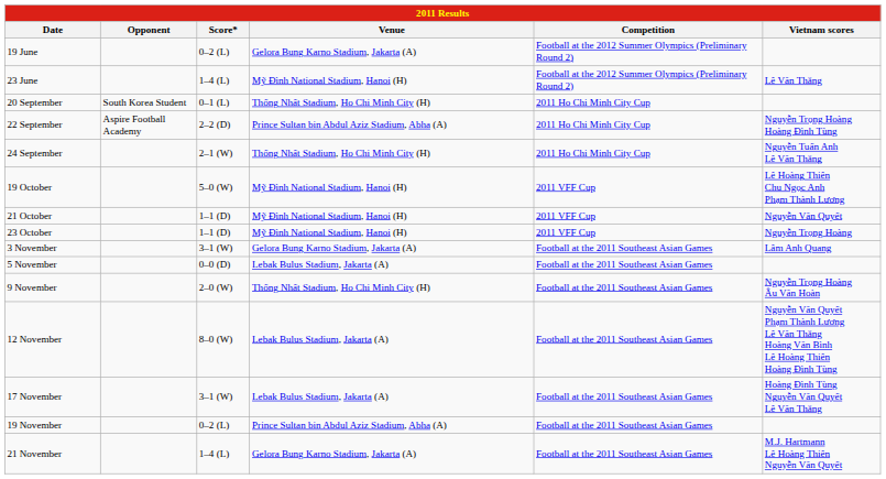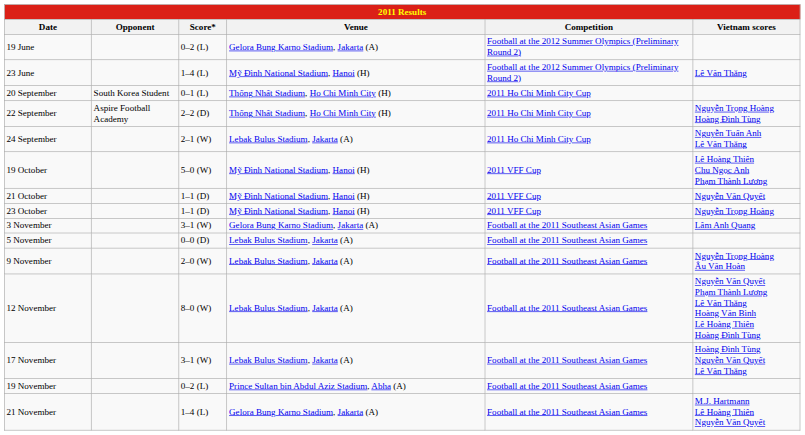 <table class="wikitable" width=100% style="text-align:left;font-size:90%;">
 <tr>
 <th colspan=9 style="background: #DB2017; color: #FFFF00;">2011 Results</th>
 </tr>
 <tr>
 <th width=80>Date</th>
 <th width=80>Opponent</th>
 <th width=20>Score*</th>
 <th width=250>Venue</th>
 <th width=200>Competition</th>
 <th width=100>Vietnam scores</th>
 </tr>
 <tr>
 <td>19 June</td>
 <td></td>
 <td>0–2 (L)</td>
 <td><a href='#'>Gelora Bung Karno Stadium</a>, <a href='#'>Jakarta</a> (A)</td>
 <td><a href='#'>Football at the 2012 Summer Olympics (Preliminary Round 2)</a></td>
 <td></td>
 </tr>
 <tr>
 <td>23 June</td>
 <td></td>
 <td>1–4 (L)</td>
 <td><a href='#'>Mỹ Đình National Stadium</a>, <a href='#'>Hanoi</a> (H)</td>
 <td><a href='#'>Football at the 2012 Summer Olympics (Preliminary Round 2)</a></td>
 <td><a href='#'>Lê Văn Thắng</a> </td>
 </tr>
 <tr>
 <td>20 September</td>
 <td> South Korea Student</td>
 <td>0–1 (L)</td>
 <td><a href='#'>Thống Nhất Stadium</a>, <a href='#'>Ho Chi Minh City</a> (H)</td>
 <td><a href='#'>2011 Ho Chi Minh City Cup</a></td>
 <td></td>
 </tr>
 <tr>
 <td>22 September</td>
 <td> Aspire Football Academy</td>
 <td>2–2 (D)</td>
-<td><a href='#'>Prince Sultan bin Abdul Aziz Stadium</a>, <a href='#'>Abha</a> (A)</td>
+<td><a href='#'>Thống Nhất Stadium</a>, <a href='#'>Ho Chi Minh City</a> (H)</td>
 <td><a href='#'>2011 Ho Chi Minh City Cup</a></td>
 <td><a href='#'>Nguyễn Trọng Hoàng</a> <br><a href='#'>Hoàng Đình Tùng</a> </td>
 </tr>
 <tr>
 <td>24 September</td>
 <td></td>
 <td>2–1 (W)</td>
-<td><a href='#'>Thống Nhất Stadium</a>, <a href='#'>Ho Chi Minh City</a> (H)</td>
+<td><a href='#'>Lebak Bulus Stadium</a>, <a href='#'>Jakarta</a> (A)</td>
 <td><a href='#'>2011 Ho Chi Minh City Cup</a></td>
 <td><a href='#'>Nguyễn Tuấn Anh</a> <br><a href='#'>Lê Văn Thắng</a> </td>
 </tr>
 <tr>
 <td>19 October</td>
 <td></td>
 <td>5–0 (W)</td>
 <td><a href='#'>Mỹ Đình National Stadium</a>, <a href='#'>Hanoi</a> (H)</td>
 <td><a href='#'>2011 VFF Cup</a></td>
 <td><a href='#'>Lê Hoàng Thiên</a> <br><a href='#'>Chu Ngọc Anh</a> <br><a href='#'>Phạm Thành Lương</a> </td>
 </tr>
 <tr>
 <td>21 October</td>
 <td></td>
 <td>1–1 (D)</td>
 <td><a href='#'>Mỹ Đình National Stadium</a>, <a href='#'>Hanoi</a> (H)</td>
 <td><a href='#'>2011 VFF Cup</a></td>
 <td><a href='#'>Nguyễn Văn Quyết</a> </td>
 </tr>
 <tr>
 <td>23 October</td>
 <td></td>
 <td>1–1 (D)</td>
 <td><a href='#'>Mỹ Đình National Stadium</a>, <a href='#'>Hanoi</a> (H)</td>
 <td><a href='#'>2011 VFF Cup</a></td>
 <td><a href='#'>Nguyễn Trọng Hoàng</a> </td>
 </tr>
 <tr>
 <td>3 November</td>
 <td></td>
 <td>3–1 (W)</td>
 <td><a href='#'>Gelora Bung Karno Stadium</a>, <a href='#'>Jakarta</a> (A)</td>
 <td><a href='#'>Football at the 2011 Southeast Asian Games</a></td>
 <td><a href='#'>Lâm Anh Quang</a> </td>
 </tr>
 <tr>
 <td>5 November</td>
 <td></td>
 <td>0–0 (D)</td>
 <td><a href='#'>Lebak Bulus Stadium</a>, <a href='#'>Jakarta</a> (A)</td>
 <td><a href='#'>Football at the 2011 Southeast Asian Games</a></td>
 <td></td>
 </tr>
 <tr>
 <td>9 November</td>
 <td></td>
 <td>2–0 (W)</td>
-<td><a href='#'>Thống Nhất Stadium</a>, <a href='#'>Ho Chi Minh City</a> (H)</td>
+<td><a href='#'>Lebak Bulus Stadium</a>, <a href='#'>Jakarta</a> (A)</td>
 <td><a href='#'>Football at the 2011 Southeast Asian Games</a></td>
 <td><a href='#'>Nguyễn Trọng Hoàng</a> <br><a href='#'>Âu Văn Hoàn</a> </td>
 </tr>
 <tr>
 <td>12 November</td>
 <td></td>
 <td>8–0 (W)</td>
 <td><a href='#'>Lebak Bulus Stadium</a>, <a href='#'>Jakarta</a> (A)</td>
 <td><a href='#'>Football at the 2011 Southeast Asian Games</a></td>
 <td><a href='#'>Nguyễn Văn Quyết</a> <br><a href='#'>Phạm Thành Lương</a> <br><a href='#'>Lê Văn Thắng</a> <br><a href='#'>Hoàng Văn Bình</a> <br><a href='#'>Lê Hoàng Thiên</a> <br><a href='#'>Hoàng Đình Tùng</a> </td>
 </tr>
 <tr>
 <td>17 November</td>
 <td></td>
 <td>3–1 (W)</td>
 <td><a href='#'>Lebak Bulus Stadium</a>, <a href='#'>Jakarta</a> (A)</td>
 <td><a href='#'>Football at the 2011 Southeast Asian Games</a></td>
 <td><a href='#'>Hoàng Đình Tùng</a> <br><a href='#'>Nguyễn Văn Quyết</a> <br><a href='#'>Lê Văn Thắng</a> </td>
 </tr>
 <tr>
 <td>19 November</td>
 <td></td>
 <td>0–2 (L)</td>
 <td><a href='#'>Prince Sultan bin Abdul Aziz Stadium</a>, <a href='#'>Abha</a> (A)</td>
 <td><a href='#'>Football at the 2011 Southeast Asian Games</a></td>
 <td></td>
 </tr>
 <tr>
 <td>21 November</td>
 <td></td>
 <td>1–4 (L)</td>
 <td><a href='#'>Gelora Bung Karno Stadium</a>, <a href='#'>Jakarta</a> (A)</td>
 <td><a href='#'>Football at the 2011 Southeast Asian Games</a></td>
 <td><a href='#'>M.J. Hartmann</a> <br><a href='#'>Lê Hoàng Thiên</a> <br><a href='#'>Nguyễn Văn Quyết</a> </td>
 </tr>
 </table>
